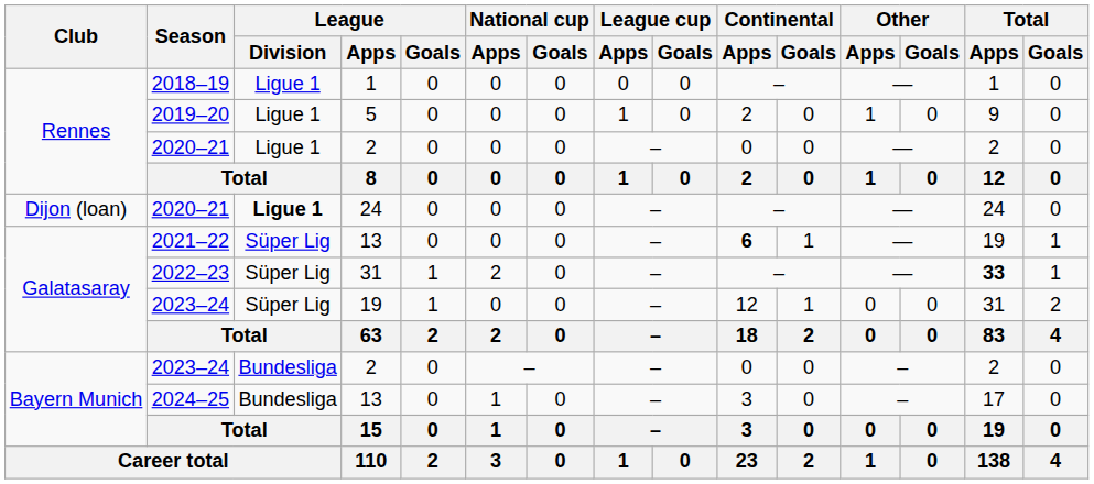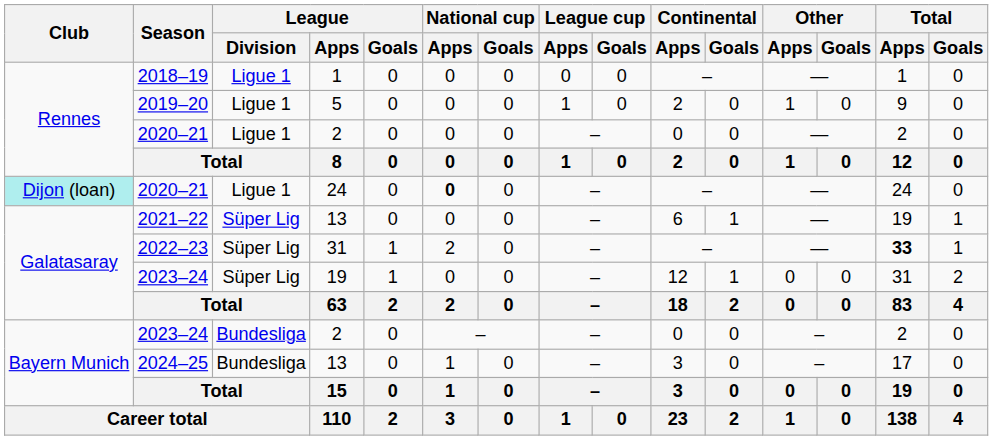 <table class="wikitable" style="text-align: center;">
 <tr>
 <th rowspan="2">Club</th>
 <th rowspan="2">Season</th>
 <th colspan="3">League</th>
 <th colspan="2">National cup</th>
 <th colspan="2">League cup</th>
 <th colspan="2">Continental</th>
 <th colspan="2">Other</th>
 <th colspan="2">Total</th>
 </tr>
 <tr>
 <th>Division</th>
 <th>Apps</th>
 <th>Goals</th>
 <th>Apps</th>
 <th>Goals</th>
 <th>Apps</th>
 <th>Goals</th>
 <th>Apps</th>
 <th>Goals</th>
 <th>Apps</th>
 <th>Goals</th>
 <th>Apps</th>
 <th>Goals</th>
 </tr>
 <tr>
 <td rowspan="4"><a href='#'>Rennes</a></td>
 <td><a href='#'>2018–19</a></td>
 <td><a href='#'>Ligue 1</a></td>
 <td>1</td>
 <td>0</td>
 <td>0</td>
 <td>0</td>
 <td>0</td>
 <td>0</td>
 <td colspan="2">–</td>
 <td colspan="2">—</td>
 <td>1</td>
 <td>0</td>
 </tr>
 <tr>
 <td><a href='#'>2019–20</a></td>
 <td>Ligue 1</td>
 <td>5</td>
 <td>0</td>
 <td>0</td>
 <td>0</td>
 <td>1</td>
 <td>0</td>
 <td>2</td>
 <td>0</td>
 <td>1</td>
 <td>0</td>
 <td>9</td>
 <td>0</td>
 </tr>
 <tr>
 <td><a href='#'>2020–21</a></td>
 <td>Ligue 1</td>
 <td>2</td>
 <td>0</td>
 <td>0</td>
 <td>0</td>
 <td colspan="2">–</td>
 <td>0</td>
 <td>0</td>
 <td colspan="2">—</td>
 <td>2</td>
 <td>0</td>
 </tr>
 <tr>
 <th colspan="2">Total</th>
 <th>8</th>
 <th>0</th>
 <th>0</th>
 <th>0</th>
 <th>1</th>
 <th>0</th>
 <th>2</th>
 <th>0</th>
 <th>1</th>
 <th>0</th>
 <th>12</th>
 <th>0</th>
 </tr>
 <tr>
-<td><a href='#'>Dijon</a> (loan)</td>
+<td style="background: paleturquoise;"><a href='#'>Dijon</a> (loan)</td>
 <td><a href='#'>2020–21</a></td>
-<td><strong>Ligue 1</strong></td>
+<td>Ligue 1</td>
 <td>24</td>
 <td>0</td>
-<td>0</td>
+<td><strong>0</strong></td>
 <td>0</td>
 <td colspan="2">–</td>
 <td colspan="2">–</td>
 <td colspan="2">—</td>
 <td>24</td>
 <td>0</td>
 </tr>
 <tr>
 <td rowspan="4"><a href='#'>Galatasaray</a></td>
 <td><a href='#'>2021–22</a></td>
 <td><a href='#'>Süper Lig</a></td>
 <td>13</td>
 <td>0</td>
 <td>0</td>
 <td>0</td>
 <td colspan="2">–</td>
-<td><strong>6</strong></td>
+<td>6</td>
 <td>1</td>
 <td colspan="2">—</td>
 <td>19</td>
 <td>1</td>
 </tr>
 <tr>
 <td><a href='#'>2022–23</a></td>
 <td>Süper Lig</td>
 <td>31</td>
 <td>1</td>
 <td>2</td>
 <td>0</td>
 <td colspan="2">–</td>
 <td colspan="2">–</td>
 <td colspan="2">—</td>
 <td><strong>33</strong></td>
 <td>1</td>
 </tr>
 <tr>
 <td><a href='#'>2023–24</a></td>
 <td>Süper Lig</td>
 <td>19</td>
 <td>1</td>
 <td>0</td>
 <td>0</td>
 <td colspan="2">–</td>
 <td>12</td>
 <td>1</td>
 <td>0</td>
 <td>0</td>
 <td>31</td>
 <td>2</td>
 </tr>
 <tr>
 <th colspan="2">Total</th>
 <th>63</th>
 <th>2</th>
 <th>2</th>
 <th>0</th>
 <th colspan="2">–</th>
 <th>18</th>
 <th>2</th>
 <th>0</th>
 <th>0</th>
 <th>83</th>
 <th>4</th>
 </tr>
 <tr>
 <td rowspan="3"><a href='#'>Bayern Munich</a></td>
 <td><a href='#'>2023–24</a></td>
 <td><a href='#'>Bundesliga</a></td>
 <td>2</td>
 <td>0</td>
 <td colspan="2">–</td>
 <td colspan="2">–</td>
 <td>0</td>
 <td>0</td>
 <td colspan="2">–</td>
 <td>2</td>
 <td>0</td>
 </tr>
 <tr>
 <td><a href='#'>2024–25</a></td>
 <td>Bundesliga</td>
 <td>13</td>
 <td>0</td>
 <td>1</td>
 <td>0</td>
 <td colspan="2">–</td>
 <td>3</td>
 <td>0</td>
 <td colspan="2">–</td>
 <td>17</td>
 <td>0</td>
 </tr>
 <tr>
 <th colspan="2">Total</th>
 <th>15</th>
 <th>0</th>
 <th>1</th>
 <th>0</th>
 <th colspan="2">–</th>
 <th>3</th>
 <th>0</th>
 <th>0</th>
 <th>0</th>
 <th>19</th>
 <th>0</th>
 </tr>
 <tr>
 <th colspan="3">Career total</th>
 <th>110</th>
 <th>2</th>
 <th>3</th>
 <th>0</th>
 <th>1</th>
 <th>0</th>
 <th>23</th>
 <th>2</th>
 <th>1</th>
 <th>0</th>
 <th>138</th>
 <th>4</th>
 </tr>
 </table>
